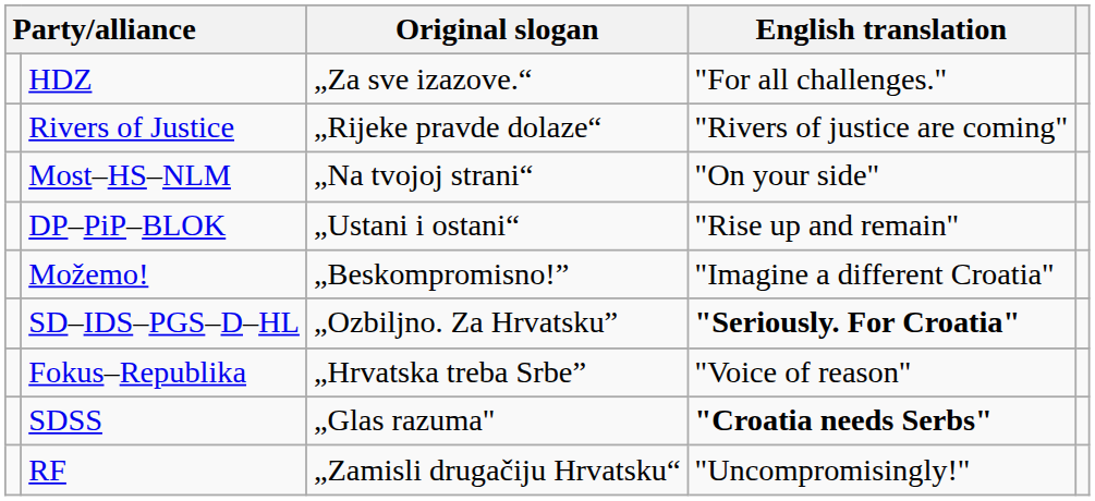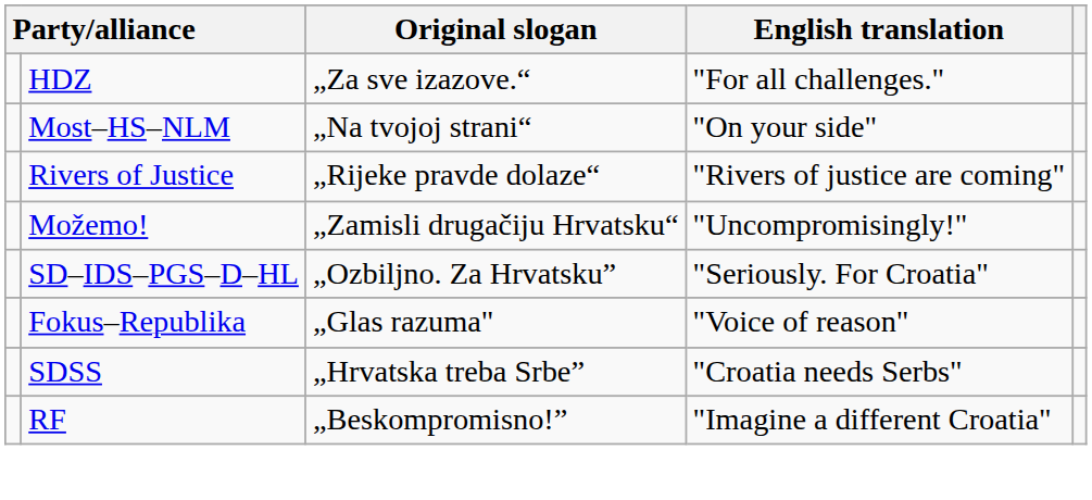 <table class="wikitable" style="text-align:left;">
 <tr>
 <th style="text-align:left;" colspan="2">Party/alliance</th>
 <th>Original slogan</th>
 <th>English translation</th>
 <th></th>
 </tr>
 <tr>
 <td width="1"></td>
 <td><a href='#'>HDZ</a></td>
 <td>„Za sve izazove.“</td>
 <td>"For all challenges."</td>
 <td></td>
 </tr>
 <tr>
 <td></td>
+<td><a href='#'>Most</a>–<a href='#'>HS</a>–<a href='#'>NLM</a></td>
+<td>„Na tvojoj strani“</td>
+<td>"On your side"</td>
+<td></td>
+</tr>
+<tr>
+<td></td>
 <td><a href='#'>Rivers of Justice</a></td>
 <td>„Rijeke pravde dolaze“</td>
 <td>"Rivers of justice are coming"</td>
 <td></td>
 </tr>
 <tr>
 <td></td>
-<td><a href='#'>Most</a>–<a href='#'>HS</a>–<a href='#'>NLM</a></td>
-<td>„Na tvojoj strani“</td>
-<td>"On your side"</td>
-<td></td>
-</tr>
-<tr>
-<td></td>
-<td><a href='#'>DP</a>–<a href='#'>PiP</a>–<a href='#'>BLOK</a></td>
-<td>„Ustani i ostani“</td>
-<td>"Rise up and remain"</td>
-<td></td>
-</tr>
-<tr>
-<td></td>
 <td><a href='#'>Možemo!</a></td>
-<td>„Beskompromisno!”</td>
-<td>"Imagine a different Croatia"</td>
+<td>„Zamisli drugačiju Hrvatsku“</td>
+<td>"Uncompromisingly!"</td>
 <td></td>
 </tr>
 <tr>
 <td></td>
 <td><a href='#'>SD</a>–<a href='#'>IDS</a>–<a href='#'>PGS</a>–<a href='#'>D</a>–<a href='#'>HL</a></td>
 <td>„Ozbiljno. Za Hrvatsku”</td>
-<td><strong>"Seriously. For Croatia"</strong></td>
+<td>"Seriously. For Croatia"</td>
 <td></td>
 </tr>
 <tr>
 <td></td>
 <td><a href='#'>Fokus</a>–<a href='#'>Republika</a></td>
-<td>„Hrvatska treba Srbe”</td>
+<td>„Glas razuma"</td>
 <td>"Voice of reason"</td>
 <td></td>
 </tr>
 <tr>
 <td></td>
 <td><a href='#'>SDSS</a></td>
-<td>„Glas razuma"</td>
-<td><strong>"Croatia needs Serbs"</strong></td>
+<td>„Hrvatska treba Srbe”</td>
+<td>"Croatia needs Serbs"</td>
 <td></td>
 </tr>
 <tr>
 <td></td>
 <td><a href='#'>RF</a></td>
-<td>„Zamisli drugačiju Hrvatsku“</td>
-<td>"Uncompromisingly!"</td>
+<td>„Beskompromisno!”</td>
+<td>"Imagine a different Croatia"</td>
 <td></td>
 </tr>
 </table>
